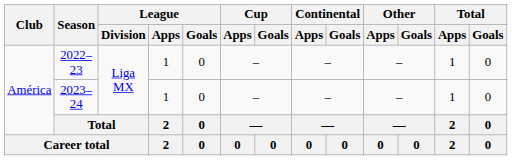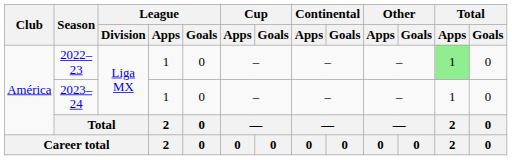 <table class="wikitable" style="text-align: center">
 <tr>
 <th rowspan="2">Club</th>
 <th rowspan="2">Season</th>
 <th colspan="3">League</th>
 <th colspan="2">Cup</th>
 <th colspan="2">Continental</th>
 <th colspan="2">Other</th>
 <th colspan="2">Total</th>
 </tr>
 <tr>
 <th>Division</th>
 <th>Apps</th>
 <th>Goals</th>
 <th>Apps</th>
 <th>Goals</th>
 <th>Apps</th>
 <th>Goals</th>
 <th>Apps</th>
 <th>Goals</th>
 <th>Apps</th>
 <th>Goals</th>
 </tr>
 <tr>
 <td rowspan="3"><a href='#'>América</a></td>
 <td><a href='#'>2022–23</a></td>
 <td rowspan="2"><a href='#'>Liga MX</a></td>
 <td>1</td>
 <td>0</td>
 <td colspan="2">–</td>
 <td colspan="2">–</td>
 <td colspan="2">–</td>
-<td>1</td>
+<td style="background: lightgreen;">1</td>
 <td>0</td>
 </tr>
 <tr>
 <td><a href='#'>2023–24</a></td>
 <td>1</td>
 <td>0</td>
 <td colspan="2">–</td>
 <td colspan="2">–</td>
 <td colspan="2">–</td>
 <td>1</td>
 <td>0</td>
 </tr>
 <tr>
 <th colspan="2">Total</th>
 <th>2</th>
 <th>0</th>
 <th colspan=2>—</th>
 <th colspan=2>—</th>
 <th colspan=2>—</th>
 <th>2</th>
 <th>0</th>
 </tr>
 <tr>
 <th colspan=3>Career total</th>
 <th>2</th>
 <th>0</th>
 <th>0</th>
 <th>0</th>
 <th>0</th>
 <th>0</th>
 <th>0</th>
 <th>0</th>
 <th>2</th>
 <th>0</th>
 </tr>
 </table>
